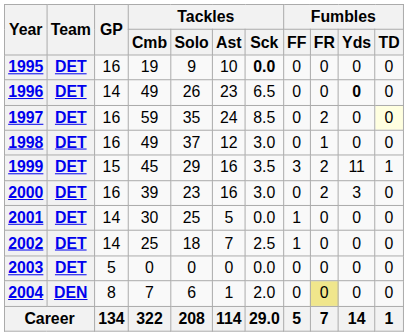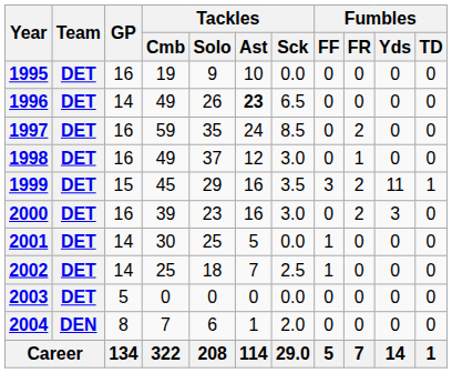 <table class="wikitable" style="text-align: center;">
 <tr>
 <th rowspan="2">Year</th>
 <th rowspan="2">Team</th>
 <th rowspan="2">GP</th>
 <th colspan="4">Tackles</th>
 <th colspan="4">Fumbles</th>
 </tr>
 <tr>
 <th>Cmb</th>
 <th>Solo</th>
 <th>Ast</th>
 <th>Sck</th>
 <th>FF</th>
 <th>FR</th>
 <th>Yds</th>
 <th>TD</th>
 </tr>
 <tr>
 <th><a href='#'>1995</a></th>
 <th><a href='#'>DET</a></th>
 <td>16</td>
 <td>19</td>
 <td>9</td>
 <td>10</td>
-<td><strong>0.0</strong></td>
+<td>0.0</td>
 <td>0</td>
 <td>0</td>
 <td>0</td>
 <td>0</td>
 </tr>
 <tr>
 <th><a href='#'>1996</a></th>
 <th><a href='#'>DET</a></th>
 <td>14</td>
 <td>49</td>
 <td>26</td>
-<td>23</td>
+<td><strong>23</strong></td>
 <td>6.5</td>
 <td>0</td>
 <td>0</td>
-<td><strong>0</strong></td>
+<td>0</td>
 <td>0</td>
 </tr>
 <tr>
 <th><a href='#'>1997</a></th>
 <th><a href='#'>DET</a></th>
 <td>16</td>
 <td>59</td>
 <td>35</td>
 <td>24</td>
 <td>8.5</td>
 <td>0</td>
 <td>2</td>
 <td>0</td>
-<td style="background: lightyellow;">0</td>
+<td>0</td>
 </tr>
 <tr>
 <th><a href='#'>1998</a></th>
 <th><a href='#'>DET</a></th>
 <td>16</td>
 <td>49</td>
 <td>37</td>
 <td>12</td>
 <td>3.0</td>
 <td>0</td>
 <td>1</td>
 <td>0</td>
 <td>0</td>
 </tr>
 <tr>
 <th><a href='#'>1999</a></th>
 <th><a href='#'>DET</a></th>
 <td>15</td>
 <td>45</td>
 <td>29</td>
 <td>16</td>
 <td>3.5</td>
 <td>3</td>
 <td>2</td>
 <td>11</td>
 <td>1</td>
 </tr>
 <tr>
 <th><a href='#'>2000</a></th>
 <th><a href='#'>DET</a></th>
 <td>16</td>
 <td>39</td>
 <td>23</td>
 <td>16</td>
 <td>3.0</td>
 <td>0</td>
 <td>2</td>
 <td>3</td>
 <td>0</td>
 </tr>
 <tr>
 <th><a href='#'>2001</a></th>
 <th><a href='#'>DET</a></th>
 <td>14</td>
 <td>30</td>
 <td>25</td>
 <td>5</td>
 <td>0.0</td>
 <td>1</td>
 <td>0</td>
 <td>0</td>
 <td>0</td>
 </tr>
 <tr>
 <th><a href='#'>2002</a></th>
 <th><a href='#'>DET</a></th>
 <td>14</td>
 <td>25</td>
 <td>18</td>
 <td>7</td>
 <td>2.5</td>
 <td>1</td>
 <td>0</td>
 <td>0</td>
 <td>0</td>
 </tr>
 <tr>
 <th><a href='#'>2003</a></th>
 <th><a href='#'>DET</a></th>
 <td>5</td>
 <td>0</td>
 <td>0</td>
 <td>0</td>
 <td>0.0</td>
 <td>0</td>
 <td>0</td>
 <td>0</td>
 <td>0</td>
 </tr>
 <tr>
 <th><a href='#'>2004</a></th>
 <th><a href='#'>DEN</a></th>
 <td>8</td>
 <td>7</td>
 <td>6</td>
 <td>1</td>
 <td>2.0</td>
 <td>0</td>
-<td style="background: khaki;">0</td>
+<td>0</td>
 <td>0</td>
 <td>0</td>
 </tr>
 <tr>
 <th colspan="2">Career</th>
 <th>134</th>
 <th>322</th>
 <th>208</th>
 <th>114</th>
 <th>29.0</th>
 <th>5</th>
 <th>7</th>
 <th>14</th>
 <th>1</th>
 </tr>
 </table>
